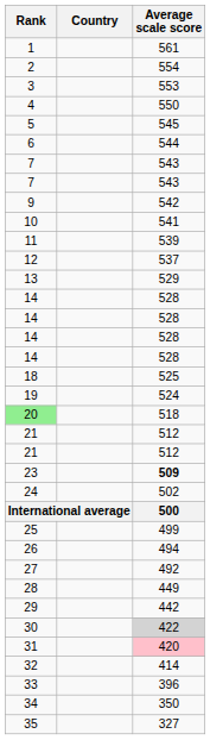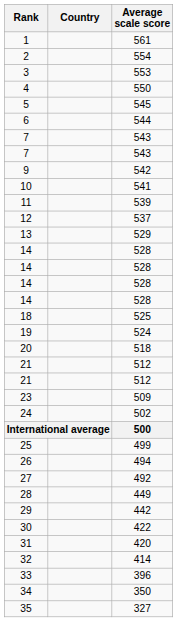 <table class="wikitable sortable" style="text-align:center;">
 <tr>
 <th>Rank</th>
 <th>Country</th>
 <th>Average<br>scale score</th>
 </tr>
 <tr>
 <td>1</td>
 <td style="text-align:left;"></td>
 <td>561</td>
 </tr>
 <tr>
 <td>2</td>
 <td style="text-align:left;"></td>
 <td>554</td>
 </tr>
 <tr>
 <td>3</td>
 <td style="text-align:left;"></td>
 <td>553</td>
 </tr>
 <tr>
 <td>4</td>
 <td style="text-align:left;"></td>
 <td>550</td>
 </tr>
 <tr>
 <td>5</td>
 <td style="text-align:left;"></td>
 <td>545</td>
 </tr>
 <tr>
 <td>6</td>
 <td style="text-align:left;"></td>
 <td>544</td>
 </tr>
 <tr>
 <td>7</td>
 <td style="text-align:left;"></td>
 <td>543</td>
 </tr>
 <tr>
 <td>7</td>
 <td style="text-align:left;"></td>
 <td>543</td>
 </tr>
 <tr>
 <td>9</td>
 <td style="text-align:left;"></td>
 <td>542</td>
 </tr>
 <tr>
 <td>10</td>
 <td style="text-align:left;"></td>
 <td>541</td>
 </tr>
 <tr>
 <td>11</td>
 <td style="text-align:left;"></td>
 <td>539</td>
 </tr>
 <tr>
 <td>12</td>
 <td style="text-align:left;"></td>
 <td>537</td>
 </tr>
 <tr>
 <td>13</td>
 <td style="text-align:left;"></td>
 <td>529</td>
 </tr>
 <tr>
 <td>14</td>
 <td style="text-align:left;"></td>
 <td>528</td>
 </tr>
 <tr>
 <td>14</td>
 <td style="text-align:left;"></td>
 <td>528</td>
 </tr>
 <tr>
 <td>14</td>
 <td style="text-align:left;"></td>
 <td>528</td>
 </tr>
 <tr>
 <td>14</td>
 <td style="text-align:left;"></td>
 <td>528</td>
 </tr>
 <tr>
 <td>18</td>
 <td style="text-align:left;"></td>
 <td>525</td>
 </tr>
 <tr>
 <td>19</td>
 <td style="text-align:left;"></td>
 <td>524</td>
 </tr>
 <tr>
-<td style="background: lightgreen;">20</td>
+<td>20</td>
 <td style="text-align:left;"></td>
 <td>518</td>
 </tr>
 <tr>
 <td>21</td>
 <td style="text-align:left;"></td>
 <td>512</td>
 </tr>
 <tr>
 <td>21</td>
 <td style="text-align:left;"></td>
 <td>512</td>
 </tr>
 <tr>
 <td>23</td>
 <td style="text-align:left;"></td>
-<td><strong>509</strong></td>
+<td>509</td>
 </tr>
 <tr>
 <td>24</td>
 <td style="text-align:left;"></td>
 <td>502</td>
 </tr>
 <tr>
 <th colspan="2">International average</th>
 <th>500</th>
 </tr>
 <tr>
 <td>25</td>
 <td style="text-align:left;"></td>
 <td>499</td>
 </tr>
 <tr>
 <td>26</td>
 <td style="text-align:left;"></td>
 <td>494</td>
 </tr>
 <tr>
 <td>27</td>
 <td style="text-align:left;"></td>
 <td>492</td>
 </tr>
 <tr>
 <td>28</td>
 <td style="text-align:left;"></td>
 <td>449</td>
 </tr>
 <tr>
 <td>29</td>
 <td style="text-align:left;"></td>
 <td>442</td>
 </tr>
 <tr>
 <td>30</td>
 <td style="text-align:left;"></td>
-<td style="background: lightgrey;">422</td>
+<td>422</td>
 </tr>
 <tr>
 <td>31</td>
 <td style="text-align:left;"></td>
-<td style="background: pink;">420</td>
+<td>420</td>
 </tr>
 <tr>
 <td>32</td>
 <td style="text-align:left;"></td>
 <td>414</td>
 </tr>
 <tr>
 <td>33</td>
 <td style="text-align:left;"></td>
 <td>396</td>
 </tr>
 <tr>
 <td>34</td>
 <td style="text-align:left;"></td>
 <td>350</td>
 </tr>
 <tr>
 <td>35</td>
 <td style="text-align:left;"></td>
 <td>327</td>
 </tr>
 </table>
